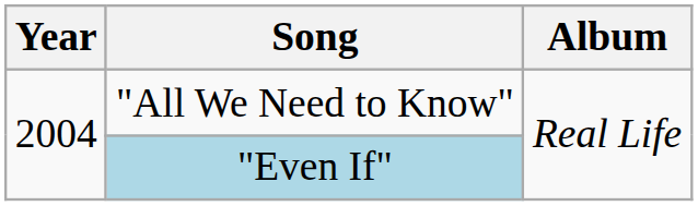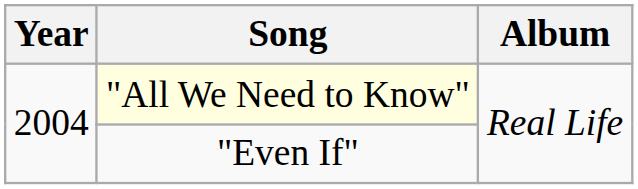 <table class="wikitable plainrowheaders" style="text-align:center;">
 <tr>
 <th scope="col" rowspan="1">Year</th>
 <th scope="col" rowspan="1">Song</th>
 <th scope="col" rowspan="1">Album</th>
 </tr>
 <tr>
 <td rowspan="2">2004</td>
-<td>"All We Need to Know"</td>
+<td style="background: lightyellow;">"All We Need to Know"</td>
 <td rowspan="2"><em>Real Life</em></td>
 </tr>
 <tr>
-<td style="background: lightblue;">"Even If"</td>
+<td>"Even If"</td>
 </tr>
 </table>
